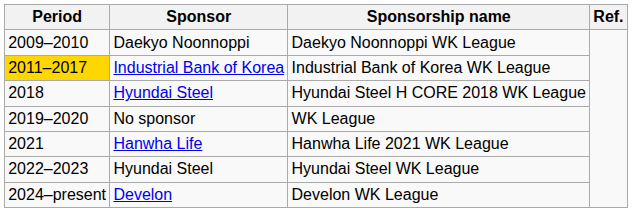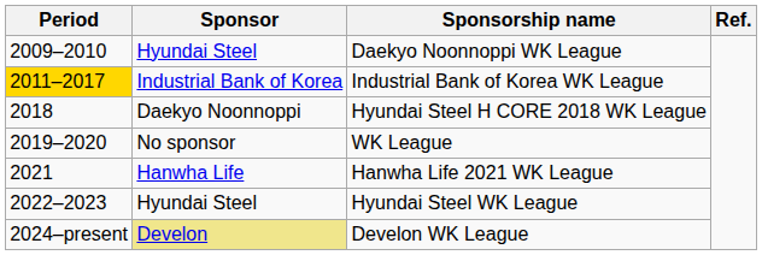 <table class="wikitable">
 <tr>
 <th>Period</th>
 <th>Sponsor</th>
 <th>Sponsorship name</th>
 <th>Ref.</th>
 </tr>
 <tr>
 <td>2009–2010</td>
-<td>Daekyo Noonnoppi</td>
+<td><a href='#'>Hyundai Steel</a></td>
 <td>Daekyo Noonnoppi WK League</td>
 <td rowspan="7"></td>
 </tr>
 <tr>
 <td style="background: gold;">2011–2017</td>
 <td><a href='#'>Industrial Bank of Korea</a></td>
 <td>Industrial Bank of Korea WK League</td>
 </tr>
 <tr>
 <td>2018</td>
-<td><a href='#'>Hyundai Steel</a></td>
+<td>Daekyo Noonnoppi</td>
 <td>Hyundai Steel H CORE 2018 WK League</td>
 </tr>
 <tr>
 <td>2019–2020</td>
 <td>No sponsor</td>
 <td>WK League</td>
 </tr>
 <tr>
 <td>2021</td>
 <td><a href='#'>Hanwha Life</a></td>
 <td>Hanwha Life 2021 WK League</td>
 </tr>
 <tr>
 <td>2022–2023</td>
 <td>Hyundai Steel</td>
 <td>Hyundai Steel WK League</td>
 </tr>
 <tr>
 <td>2024–present</td>
-<td><a href='#'>Develon</a></td>
+<td style="background: khaki;"><a href='#'>Develon</a></td>
 <td>Develon WK League</td>
 </tr>
 </table>
